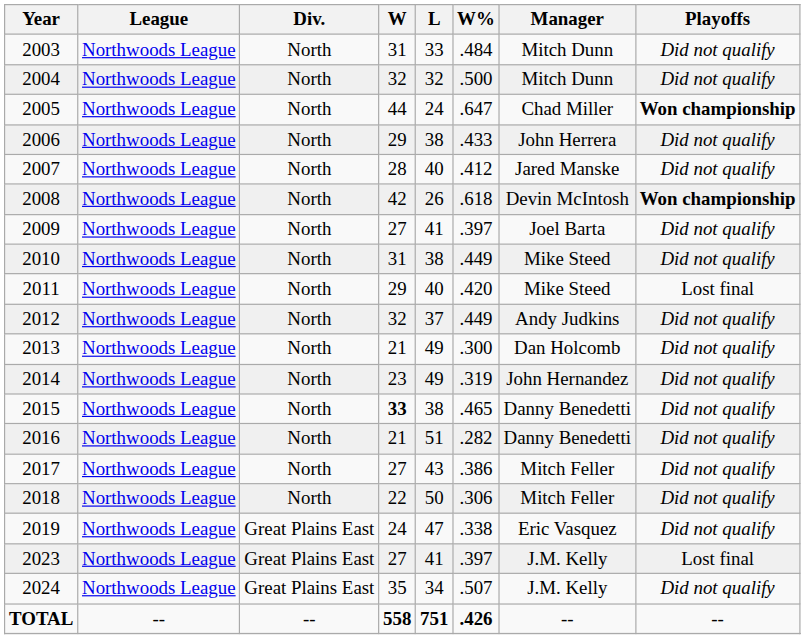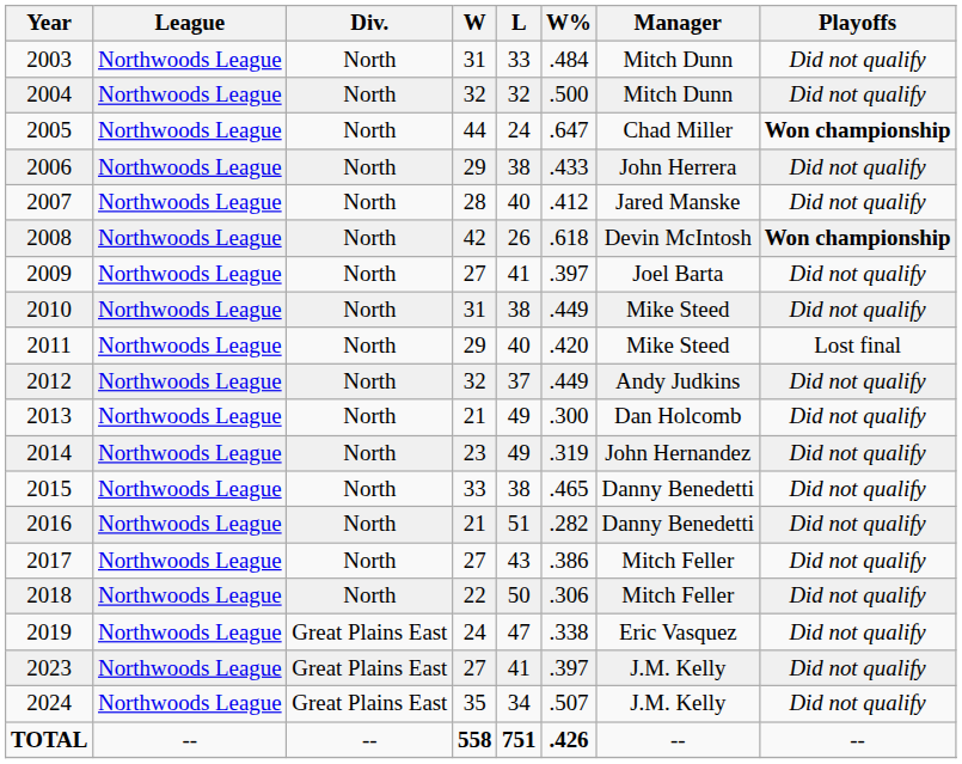 <table class="wikitable">
 <tr style="text-align:center; background:#e0e0e0;">
 <th>Year</th>
 <th>League</th>
 <th>Div.</th>
 <th>W</th>
 <th>L</th>
 <th>W%</th>
 <th>Manager</th>
 <th>Playoffs</th>
 </tr>
 <tr style="text-align:center;">
 <td>2003</td>
 <td><a href='#'>Northwoods League</a></td>
 <td>North</td>
 <td>31</td>
 <td>33</td>
 <td>.484</td>
 <td>Mitch Dunn</td>
 <td><em>Did not qualify</em></td>
 </tr>
 <tr style="text-align:center; background:#f0f0f0;">
 <td>2004</td>
 <td><a href='#'>Northwoods League</a></td>
 <td>North</td>
 <td>32</td>
 <td>32</td>
 <td>.500</td>
 <td>Mitch Dunn</td>
 <td><em>Did not qualify</em></td>
 </tr>
 <tr style="text-align:center;">
 <td>2005</td>
 <td><a href='#'>Northwoods League</a></td>
 <td>North</td>
 <td>44</td>
 <td>24</td>
 <td>.647</td>
 <td>Chad Miller</td>
 <td><strong>Won championship</strong></td>
 </tr>
 <tr style="text-align:center; background:#f0f0f0;">
 <td>2006</td>
 <td><a href='#'>Northwoods League</a></td>
 <td>North</td>
 <td>29</td>
 <td>38</td>
 <td>.433</td>
 <td>John Herrera</td>
 <td><em>Did not qualify</em></td>
 </tr>
 <tr style="text-align:center;">
 <td>2007</td>
 <td><a href='#'>Northwoods League</a></td>
 <td>North</td>
 <td>28</td>
 <td>40</td>
 <td>.412</td>
 <td>Jared Manske</td>
 <td><em>Did not qualify</em></td>
 </tr>
 <tr style="text-align:center; background:#f0f0f0;">
 <td>2008</td>
 <td><a href='#'>Northwoods League</a></td>
 <td>North</td>
 <td>42</td>
 <td>26</td>
 <td>.618</td>
 <td>Devin McIntosh</td>
 <td><strong>Won championship</strong></td>
 </tr>
 <tr style="text-align:center;">
 <td>2009</td>
 <td><a href='#'>Northwoods League</a></td>
 <td>North</td>
 <td>27</td>
 <td>41</td>
 <td>.397</td>
 <td>Joel Barta</td>
 <td><em>Did not qualify</em></td>
 </tr>
 <tr style="text-align:center; background:#f0f0f0;">
 <td>2010</td>
 <td><a href='#'>Northwoods League</a></td>
 <td>North</td>
 <td>31</td>
 <td>38</td>
 <td>.449</td>
 <td>Mike Steed</td>
 <td><em>Did not qualify</em></td>
 </tr>
 <tr style="text-align:center;">
 <td>2011</td>
 <td><a href='#'>Northwoods League</a></td>
 <td>North</td>
 <td>29</td>
 <td>40</td>
 <td>.420</td>
 <td>Mike Steed</td>
 <td>Lost final</td>
 </tr>
 <tr style="text-align:center; background:#f0f0f0;">
 <td>2012</td>
 <td><a href='#'>Northwoods League</a></td>
 <td>North</td>
 <td>32</td>
 <td>37</td>
 <td>.449</td>
 <td>Andy Judkins</td>
 <td><em>Did not qualify</em></td>
 </tr>
 <tr style="text-align:center;">
 <td>2013</td>
 <td><a href='#'>Northwoods League</a></td>
 <td>North</td>
 <td>21</td>
 <td>49</td>
 <td>.300</td>
 <td>Dan Holcomb</td>
 <td><em>Did not qualify</em></td>
 </tr>
 <tr style="text-align:center; background:#f0f0f0;">
 <td>2014</td>
 <td><a href='#'>Northwoods League</a></td>
 <td>North</td>
 <td>23</td>
 <td>49</td>
 <td>.319</td>
 <td>John Hernandez</td>
 <td><em>Did not qualify</em></td>
 </tr>
 <tr style="text-align:center;">
 <td>2015</td>
 <td><a href='#'>Northwoods League</a></td>
 <td>North</td>
-<td><strong>33</strong></td>
+<td>33</td>
 <td>38</td>
 <td>.465</td>
 <td>Danny Benedetti</td>
 <td><em>Did not qualify</em></td>
 </tr>
 <tr style="text-align:center; background:#f0f0f0;">
 <td>2016</td>
 <td><a href='#'>Northwoods League</a></td>
 <td>North</td>
 <td>21</td>
 <td>51</td>
 <td>.282</td>
 <td>Danny Benedetti</td>
 <td><em>Did not qualify</em></td>
 </tr>
 <tr style="text-align:center;">
 <td>2017</td>
 <td><a href='#'>Northwoods League</a></td>
 <td>North</td>
 <td>27</td>
 <td>43</td>
 <td>.386</td>
 <td>Mitch Feller</td>
 <td><em>Did not qualify</em></td>
 </tr>
 <tr style="text-align:center; background:#f0f0f0;">
 <td>2018</td>
 <td><a href='#'>Northwoods League</a></td>
 <td>North</td>
 <td>22</td>
 <td>50</td>
 <td>.306</td>
 <td>Mitch Feller</td>
 <td><em>Did not qualify</em></td>
 </tr>
 <tr style="text-align:center;">
 <td>2019</td>
 <td><a href='#'>Northwoods League</a></td>
 <td>Great Plains East</td>
 <td>24</td>
 <td>47</td>
 <td>.338</td>
 <td>Eric Vasquez</td>
 <td><em>Did not qualify</em></td>
 </tr>
 <tr style="text-align:center; background:#f0f0f0;">
 <td>2023</td>
 <td><a href='#'>Northwoods League</a></td>
 <td>Great Plains East</td>
 <td>27</td>
 <td>41</td>
 <td>.397</td>
 <td>J.M. Kelly</td>
-<td>Lost final</td>
+<td><em>Did not qualify</em></td>
 </tr>
 <tr style="text-align:center;">
 <td>2024</td>
 <td><a href='#'>Northwoods League</a></td>
 <td>Great Plains East</td>
 <td>35</td>
 <td>34</td>
 <td>.507</td>
 <td>J.M. Kelly</td>
 <td><em>Did not qualify</em></td>
 </tr>
 <tr style="text-align:center;">
 <td><strong>TOTAL</strong></td>
 <td>--</td>
 <td>--</td>
 <td><strong>558</strong></td>
 <td><strong>751</strong></td>
 <td><strong>.426</strong></td>
 <td>--</td>
 <td>--</td>
 </tr>
 <tr style="text-align:center;">
 </tr>
 <tr>
 </tr>
 </table>
